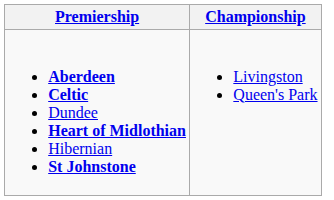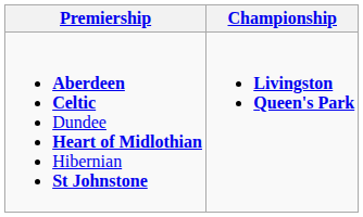 <table class="wikitable" style="text-align:left">
 <tr>
 <th><a href='#'>Premiership</a></th>
 <th><a href='#'>Championship</a></th>
 </tr>
 <tr>
 <td valign=top><br><ul><li><strong><a href='#'>Aberdeen</a></strong></li><li><strong><a href='#'>Celtic</a></strong></li><li><a href='#'>Dundee</a></li><li><strong><a href='#'>Heart of Midlothian</a></strong></li><li><a href='#'>Hibernian</a></li><li><strong><a href='#'>St Johnstone</a></strong></li></ul></td>
-<td valign=top><br><ul><li><a href='#'>Livingston</a></li><li><a href='#'>Queen's Park</a></li></ul></td>
+<td valign=top><strong><br><ul><li><a href='#'>Livingston</a></li><li><a href='#'>Queen's Park</a></li></ul></strong></td>
 </tr>
 </table>
